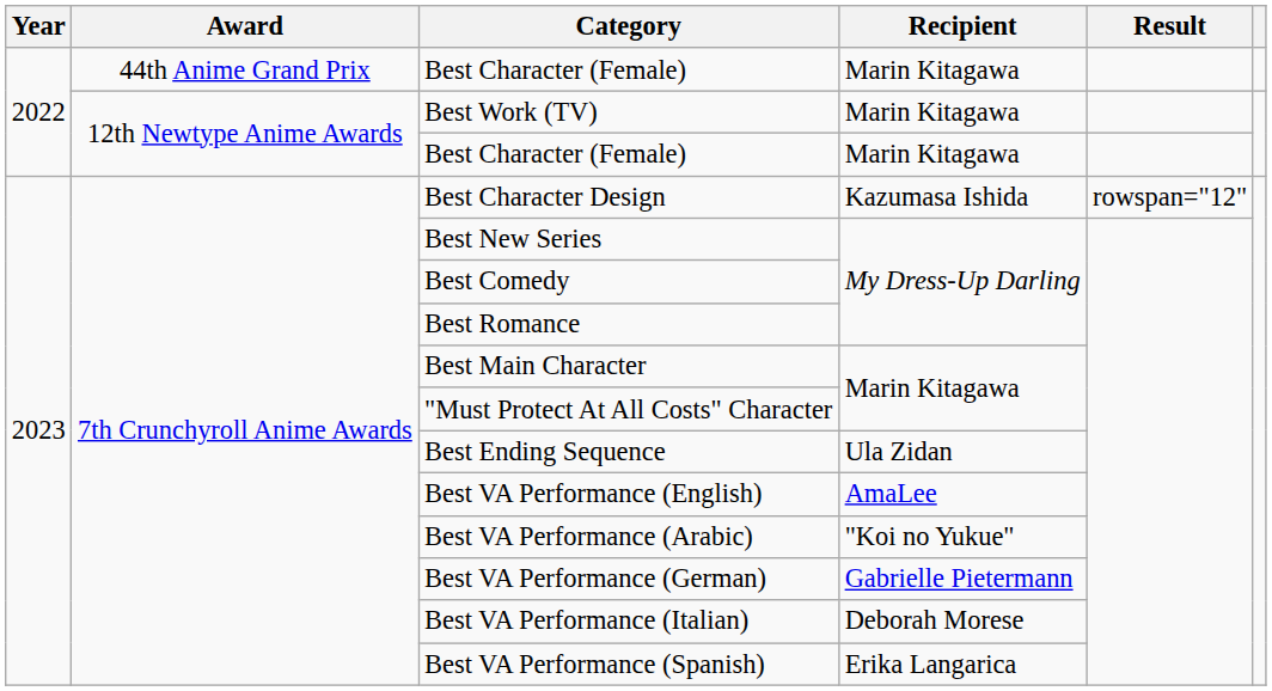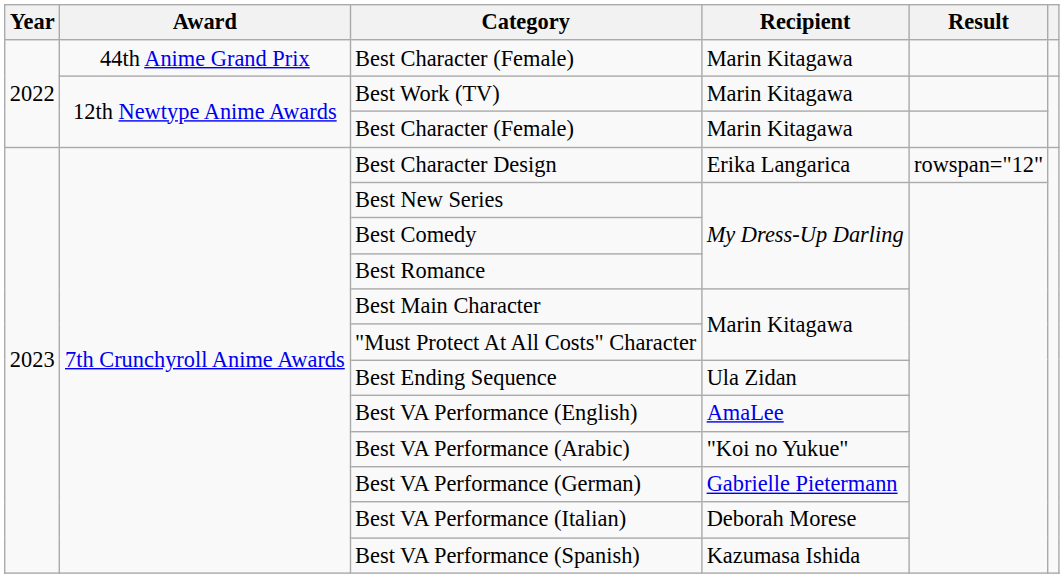 <table class="wikitable plainrowheaders sortable">
 <tr>
 <th scope="col">Year</th>
 <th scope="col">Award</th>
 <th scope="col">Category</th>
 <th scope="col">Recipient</th>
 <th scope="col">Result</th>
 <th scope="col" class="unsortable"></th>
 </tr>
 <tr>
 <td align="center" rowspan="3">2022</td>
 <td align="center">44th <a href='#'>Anime Grand Prix</a></td>
 <td>Best Character (Female)</td>
 <td>Marin Kitagawa</td>
 <td></td>
 <td align="center"></td>
 </tr>
 <tr>
 <td align="center" rowspan="2">12th <a href='#'>Newtype Anime Awards</a></td>
 <td>Best Work (TV)</td>
 <td>Marin Kitagawa</td>
 <td></td>
 <td align="center" rowspan="2"></td>
 </tr>
 <tr>
 <td>Best Character (Female)</td>
 <td>Marin Kitagawa</td>
 <td></td>
 </tr>
 <tr>
 <td align="center" rowspan="12">2023</td>
 <td align="center" rowspan="12"><a href='#'>7th Crunchyroll Anime Awards</a></td>
 <td>Best Character Design</td>
-<td>Kazumasa Ishida</td>
+<td>Erika Langarica </td>
 <td>rowspan="12" </td>
 <td align="center" rowspan="12"></td>
 </tr>
 <tr>
 <td>Best New Series</td>
 <td rowspan="3"><em>My Dress-Up Darling</em></td>
 </tr>
 <tr>
 <td>Best Comedy</td>
 </tr>
 <tr>
 <td>Best Romance</td>
 </tr>
 <tr>
 <td>Best Main Character</td>
 <td rowspan="2">Marin Kitagawa</td>
 </tr>
 <tr>
 <td>"Must Protect At All Costs" Character</td>
 </tr>
 <tr>
 <td>Best Ending Sequence</td>
 <td>Ula Zidan </td>
 </tr>
 <tr>
 <td>Best VA Performance (English)</td>
 <td><a href='#'>AmaLee</a> </td>
 </tr>
 <tr>
 <td>Best VA Performance (Arabic)</td>
 <td>"Koi no Yukue" </td>
 </tr>
 <tr>
 <td>Best VA Performance (German)</td>
 <td><a href='#'>Gabrielle Pietermann</a> </td>
 </tr>
 <tr>
 <td>Best VA Performance (Italian)</td>
 <td>Deborah Morese </td>
 </tr>
 <tr>
 <td>Best VA Performance (Spanish)</td>
-<td>Erika Langarica </td>
+<td>Kazumasa Ishida</td>
 </tr>
 </table>
